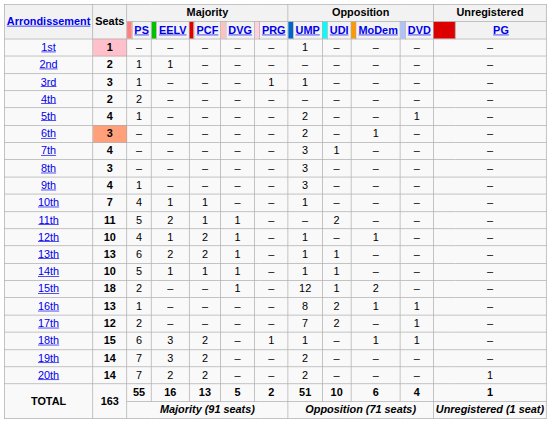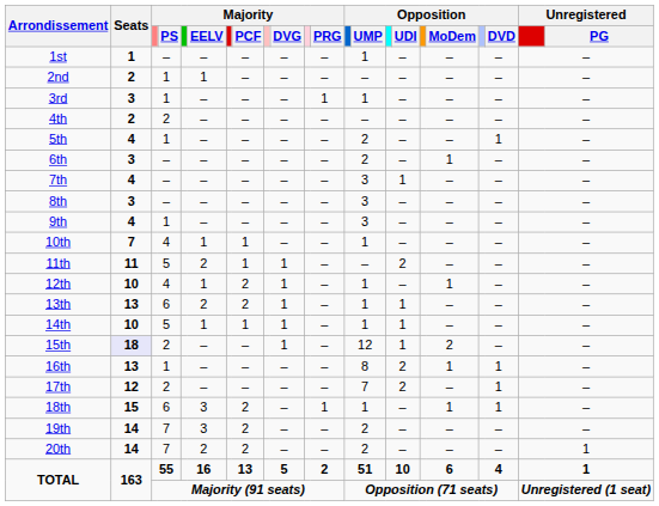 <table class="wikitable centre">
 <tr>
 <th rowspan=2><a href='#'>Arrondissement</a></th>
 <th rowspan=2>Seats</th>
 <th colspan=10>Majority</th>
 <th colspan=8>Opposition</th>
 <th colspan=2>Unregistered</th>
 </tr>
 <tr>
 <td bgcolor="#ff8080"></td>
 <th><a href='#'>PS</a></th>
 <td bgcolor="#00c000"></td>
 <th><a href='#'>EELV</a></th>
 <td bgcolor="#dd0000"></td>
 <th><a href='#'>PCF</a></th>
 <td bgcolor="#ffc0c0"></td>
 <th><a href='#'>DVG</a></th>
 <td bgcolor="#ffd1dc"></td>
 <th><a href='#'>PRG</a></th>
 <td bgcolor="#0066cc"></td>
 <th><a href='#'>UMP</a></th>
 <td bgcolor="#00FFFF"></td>
 <th><a href='#'>UDI</a></th>
 <td bgcolor="#ff9900"></td>
 <th><a href='#'>MoDem</a></th>
 <td bgcolor="#adc1fd"></td>
 <th><a href='#'>DVD</a></th>
 <td bgcolor="#dd0000"></td>
 <th><a href='#'>PG</a></th>
 </tr>
 <tr>
 <td align="center"><a href='#'>1st</a></td>
-<td style="background: pink; text-align: center">          <strong>1</strong></td>
+<td style="text-align: center">          <strong>1</strong></td>
 <td style="text-align: center" colspan=2>    –</td>
 <td style="text-align: center" colspan=2>  –</td>
 <td style="text-align: center" colspan=2>   –</td>
 <td style="text-align: center" colspan=2>   –</td>
 <td style="text-align: center" colspan=2>   –</td>
 <td style="text-align: center" colspan=2>   1</td>
 <td style="text-align: center" colspan=2>   –</td>
 <td style="text-align: center" colspan=2> –</td>
 <td style="text-align: center" colspan=2>   –</td>
 <td style="text-align: center" colspan=2>    –</td>
 </tr>
 <tr>
 <td align="center"><a href='#'>2nd</a></td>
 <td style="text-align: center">          <strong>2</strong></td>
 <td style="text-align: center" colspan=2>    1</td>
 <td style="text-align: center" colspan=2>  1</td>
 <td style="text-align: center" colspan=2>   –</td>
 <td style="text-align: center" colspan=2>   –</td>
 <td style="text-align: center" colspan=2>   –</td>
 <td style="text-align: center" colspan=2>   –</td>
 <td style="text-align: center" colspan=2>   –</td>
 <td style="text-align: center" colspan=2> –</td>
 <td style="text-align: center" colspan=2>   –</td>
 <td style="text-align: center" colspan=2>    –</td>
 </tr>
 <tr>
 <td align="center"><a href='#'>3rd</a></td>
 <td style="text-align: center">          <strong>3</strong></td>
 <td style="text-align: center" colspan=2>    1</td>
 <td style="text-align: center" colspan=2>  –</td>
 <td style="text-align: center" colspan=2>   –</td>
 <td style="text-align: center" colspan=2>   –</td>
 <td style="text-align: center" colspan=2>   1</td>
 <td style="text-align: center" colspan=2>   1</td>
 <td style="text-align: center" colspan=2>   –</td>
 <td style="text-align: center" colspan=2> –</td>
 <td style="text-align: center" colspan=2>   –</td>
 <td style="text-align: center" colspan=2>    –</td>
 </tr>
 <tr>
 <td align="center"><a href='#'>4th</a></td>
 <td style="text-align: center">          <strong>2</strong></td>
 <td style="text-align: center" colspan=2>    2</td>
 <td style="text-align: center" colspan=2>  –</td>
 <td style="text-align: center" colspan=2>   –</td>
 <td style="text-align: center" colspan=2>   –</td>
 <td style="text-align: center" colspan=2>   –</td>
 <td style="text-align: center" colspan=2>   –</td>
 <td style="text-align: center" colspan=2>   –</td>
 <td style="text-align: center" colspan=2> –</td>
 <td style="text-align: center" colspan=2>   –</td>
 <td style="text-align: center" colspan=2>    –</td>
 </tr>
 <tr>
 <td align="center"><a href='#'>5th</a></td>
 <td style="text-align: center">          <strong>4</strong></td>
 <td style="text-align: center" colspan=2>    1</td>
 <td style="text-align: center" colspan=2>  –</td>
 <td style="text-align: center" colspan=2>   –</td>
 <td style="text-align: center" colspan=2>   –</td>
 <td style="text-align: center" colspan=2>   –</td>
 <td style="text-align: center" colspan=2>   2</td>
 <td style="text-align: center" colspan=2>   –</td>
 <td style="text-align: center" colspan=2> –</td>
 <td style="text-align: center" colspan=2>   1</td>
 <td style="text-align: center" colspan=2>    –</td>
 </tr>
 <tr>
 <td align="center"><a href='#'>6th</a></td>
-<td style="background: lightsalmon; text-align: center">          <strong>3</strong></td>
+<td style="text-align: center">          <strong>3</strong></td>
 <td style="text-align: center" colspan=2>    –</td>
 <td style="text-align: center" colspan=2>  –</td>
 <td style="text-align: center" colspan=2>   –</td>
 <td style="text-align: center" colspan=2>   –</td>
 <td style="text-align: center" colspan=2>   –</td>
 <td style="text-align: center" colspan=2>   2</td>
 <td style="text-align: center" colspan=2>   –</td>
 <td style="text-align: center" colspan=2> 1</td>
 <td style="text-align: center" colspan=2>   –</td>
 <td style="text-align: center" colspan=2>    –</td>
 </tr>
 <tr>
 <td align="center"><a href='#'>7th</a></td>
 <td style="text-align: center">          <strong>4</strong></td>
 <td style="text-align: center" colspan=2>    –</td>
 <td style="text-align: center" colspan=2>  –</td>
 <td style="text-align: center" colspan=2>   –</td>
 <td style="text-align: center" colspan=2>   –</td>
 <td style="text-align: center" colspan=2>   –</td>
 <td style="text-align: center" colspan=2>   3</td>
 <td style="text-align: center" colspan=2>   1</td>
 <td style="text-align: center" colspan=2> –</td>
 <td style="text-align: center" colspan=2>   –</td>
 <td style="text-align: center" colspan=2>    –</td>
 </tr>
 <tr>
 <td align="center"><a href='#'>8th</a></td>
 <td style="text-align: center">          <strong>3</strong></td>
 <td style="text-align: center" colspan=2>    –</td>
 <td style="text-align: center" colspan=2>  –</td>
 <td style="text-align: center" colspan=2>   –</td>
 <td style="text-align: center" colspan=2>   –</td>
 <td style="text-align: center" colspan=2>   –</td>
 <td style="text-align: center" colspan=2>   3</td>
 <td style="text-align: center" colspan=2>   –</td>
 <td style="text-align: center" colspan=2> –</td>
 <td style="text-align: center" colspan=2>   –</td>
 <td style="text-align: center" colspan=2>    –</td>
 </tr>
 <tr>
 <td align="center"><a href='#'>9th</a></td>
 <td style="text-align: center">          <strong>4</strong></td>
 <td style="text-align: center" colspan=2>    1</td>
 <td style="text-align: center" colspan=2>  –</td>
 <td style="text-align: center" colspan=2>   –</td>
 <td style="text-align: center" colspan=2>   –</td>
 <td style="text-align: center" colspan=2>   –</td>
 <td style="text-align: center" colspan=2>   3</td>
 <td style="text-align: center" colspan=2>   –</td>
 <td style="text-align: center" colspan=2> –</td>
 <td style="text-align: center" colspan=2>   –</td>
 <td style="text-align: center" colspan=2>    –</td>
 </tr>
 <tr>
 <td align="center"><a href='#'>10th</a></td>
 <td style="text-align: center">          <strong>7</strong></td>
 <td style="text-align: center" colspan=2>    4</td>
 <td style="text-align: center" colspan=2>  1</td>
 <td style="text-align: center" colspan=2>   1</td>
 <td style="text-align: center" colspan=2>   –</td>
 <td style="text-align: center" colspan=2>   –</td>
 <td style="text-align: center" colspan=2>   1</td>
 <td style="text-align: center" colspan=2>   –</td>
 <td style="text-align: center" colspan=2> –</td>
 <td style="text-align: center" colspan=2>   –</td>
 <td style="text-align: center" colspan=2>    –</td>
 </tr>
 <tr>
 <td align="center"><a href='#'>11th</a></td>
 <td style="text-align: center">          <strong>11</strong></td>
 <td style="text-align: center" colspan=2>    5</td>
 <td style="text-align: center" colspan=2>  2</td>
 <td style="text-align: center" colspan=2>   1</td>
 <td style="text-align: center" colspan=2>   1</td>
 <td style="text-align: center" colspan=2>   –</td>
 <td style="text-align: center" colspan=2>   –</td>
 <td style="text-align: center" colspan=2>   2</td>
 <td style="text-align: center" colspan=2> –</td>
 <td style="text-align: center" colspan=2>   –</td>
 <td style="text-align: center" colspan=2>    –</td>
 </tr>
 <tr>
 <td align="center"><a href='#'>12th</a></td>
 <td style="text-align: center">          <strong>10</strong></td>
 <td style="text-align: center" colspan=2>    4</td>
 <td style="text-align: center" colspan=2>  1</td>
 <td style="text-align: center" colspan=2>   2</td>
 <td style="text-align: center" colspan=2>   1</td>
 <td style="text-align: center" colspan=2>   –</td>
 <td style="text-align: center" colspan=2>   1</td>
 <td style="text-align: center" colspan=2>   –</td>
 <td style="text-align: center" colspan=2> 1</td>
 <td style="text-align: center" colspan=2>   –</td>
 <td style="text-align: center" colspan=2>    –</td>
 </tr>
 <tr>
 <td align="center"><a href='#'>13th</a></td>
 <td style="text-align: center">          <strong>13</strong></td>
 <td style="text-align: center" colspan=2>    6</td>
 <td style="text-align: center" colspan=2>  2</td>
 <td style="text-align: center" colspan=2>   2</td>
 <td style="text-align: center" colspan=2>   1</td>
 <td style="text-align: center" colspan=2>   –</td>
 <td style="text-align: center" colspan=2>   1</td>
 <td style="text-align: center" colspan=2>   1</td>
 <td style="text-align: center" colspan=2> –</td>
 <td style="text-align: center" colspan=2>   –</td>
 <td style="text-align: center" colspan=2>    –</td>
 </tr>
 <tr>
 <td align="center"><a href='#'>14th</a></td>
 <td style="text-align: center">          <strong>10</strong></td>
 <td style="text-align: center" colspan=2>    5</td>
 <td style="text-align: center" colspan=2>  1</td>
 <td style="text-align: center" colspan=2>   1</td>
 <td style="text-align: center" colspan=2>   1</td>
 <td style="text-align: center" colspan=2>   –</td>
 <td style="text-align: center" colspan=2>   1</td>
 <td style="text-align: center" colspan=2>   1</td>
 <td style="text-align: center" colspan=2> –</td>
 <td style="text-align: center" colspan=2>   –</td>
 <td style="text-align: center" colspan=2>    –</td>
 </tr>
 <tr>
 <td align="center"><a href='#'>15th</a></td>
-<td style="text-align: center">          <strong>18</strong></td>
+<td style="background: lavender; text-align: center">          <strong>18</strong></td>
 <td style="text-align: center" colspan=2>    2</td>
 <td style="text-align: center" colspan=2>  –</td>
 <td style="text-align: center" colspan=2>   –</td>
 <td style="text-align: center" colspan=2>   1</td>
 <td style="text-align: center" colspan=2>   –</td>
 <td style="text-align: center" colspan=2>   12</td>
 <td style="text-align: center" colspan=2>   1</td>
 <td style="text-align: center" colspan=2> 2</td>
 <td style="text-align: center" colspan=2>   –</td>
 <td style="text-align: center" colspan=2>    –</td>
 </tr>
 <tr>
 <td align="center"><a href='#'>16th</a></td>
 <td style="text-align: center">          <strong>13</strong></td>
 <td style="text-align: center" colspan=2>    1</td>
 <td style="text-align: center" colspan=2>  –</td>
 <td style="text-align: center" colspan=2>   –</td>
 <td style="text-align: center" colspan=2>   –</td>
 <td style="text-align: center" colspan=2>   –</td>
 <td style="text-align: center" colspan=2>   8</td>
 <td style="text-align: center" colspan=2>   2</td>
 <td style="text-align: center" colspan=2> 1</td>
 <td style="text-align: center" colspan=2>   1</td>
 <td style="text-align: center" colspan=2>    –</td>
 </tr>
 <tr>
 <td align="center"><a href='#'>17th</a></td>
 <td style="text-align: center">          <strong>12</strong></td>
 <td style="text-align: center" colspan=2>    2</td>
 <td style="text-align: center" colspan=2>  –</td>
 <td style="text-align: center" colspan=2>   –</td>
 <td style="text-align: center" colspan=2>   –</td>
 <td style="text-align: center" colspan=2>   –</td>
 <td style="text-align: center" colspan=2>   7</td>
 <td style="text-align: center" colspan=2>   2</td>
 <td style="text-align: center" colspan=2> –</td>
 <td style="text-align: center" colspan=2>   1</td>
 <td style="text-align: center" colspan=2>    –</td>
 </tr>
 <tr>
 <td align="center"><a href='#'>18th</a></td>
 <td style="text-align: center">          <strong>15</strong></td>
 <td style="text-align: center" colspan=2>    6</td>
 <td style="text-align: center" colspan=2>  3</td>
 <td style="text-align: center" colspan=2>   2</td>
 <td style="text-align: center" colspan=2>   –</td>
 <td style="text-align: center" colspan=2>   1</td>
 <td style="text-align: center" colspan=2>   1</td>
 <td style="text-align: center" colspan=2>   –</td>
 <td style="text-align: center" colspan=2> 1</td>
 <td style="text-align: center" colspan=2>   1</td>
 <td style="text-align: center" colspan=2>    –</td>
 </tr>
 <tr>
 <td align="center"><a href='#'>19th</a></td>
 <td style="text-align: center">          <strong>14</strong></td>
 <td style="text-align: center" colspan=2>    7</td>
 <td style="text-align: center" colspan=2>  3</td>
 <td style="text-align: center" colspan=2>   2</td>
 <td style="text-align: center" colspan=2>   –</td>
 <td style="text-align: center" colspan=2>   –</td>
 <td style="text-align: center" colspan=2>   2</td>
 <td style="text-align: center" colspan=2>   –</td>
 <td style="text-align: center" colspan=2> –</td>
 <td style="text-align: center" colspan=2>   –</td>
 <td style="text-align: center" colspan=2>    –</td>
 </tr>
 <tr>
 <td align="center"><a href='#'>20th</a></td>
 <td style="text-align: center">          <strong>14</strong></td>
 <td style="text-align: center" colspan=2>    7</td>
 <td style="text-align: center" colspan=2>  2</td>
 <td style="text-align: center" colspan=2>   2</td>
 <td style="text-align: center" colspan=2>   –</td>
 <td style="text-align: center" colspan=2>   –</td>
 <td style="text-align: center" colspan=2>   2</td>
 <td style="text-align: center" colspan=2>   –</td>
 <td style="text-align: center" colspan=2> –</td>
 <td style="text-align: center" colspan=2>   –</td>
 <td style="text-align: center" colspan=2>    1</td>
 </tr>
 <tr>
 <td align="center" rowspan=2><strong>TOTAL</strong></td>
 <td style="text-align: center" rowspan=2>          <strong>163</strong></td>
 <td style="text-align: center" colspan=2>    <strong>55</strong></td>
 <td style="text-align: center" colspan=2>  <strong>16</strong></td>
 <td style="text-align: center" colspan=2>   <strong>13</strong></td>
 <td style="text-align: center" colspan=2>   <strong>5</strong></td>
 <td style="text-align: center" colspan=2>   <strong>2</strong></td>
 <td style="text-align: center" colspan=2>   <strong>51</strong></td>
 <td style="text-align: center" colspan=2>   <strong>10</strong></td>
 <td style="text-align: center" colspan=2> <strong>6</strong></td>
 <td style="text-align: center" colspan=2>   <strong>4</strong></td>
 <td style="text-align: center" colspan=2>    <strong>1</strong></td>
 </tr>
 <tr>
 <td style="text-align: center" colspan=10><strong><em>Majority (91 seats)</em></strong></td>
 <td style="text-align: center" colspan=8><strong><em>Opposition (71 seats)</em></strong></td>
 <td style="text-align: center" colspan=2><strong><em>Unregistered (1 seat)</em></strong></td>
 </tr>
 </table>
